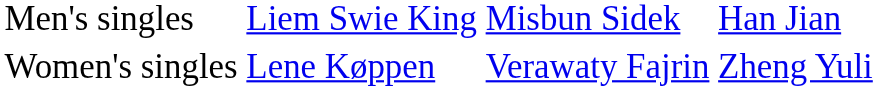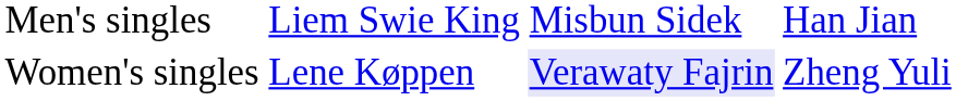 <table>
 <tr>
 <td>Men's singles</td>
 <td> <a href='#'>Liem Swie King</a></td>
 <td> <a href='#'>Misbun Sidek</a></td>
 <td> <a href='#'>Han Jian</a></td>
 </tr>
 <tr>
 <td>Women's singles</td>
 <td> <a href='#'>Lene Køppen</a></td>
-<td> <a href='#'>Verawaty Fajrin</a></td>
+<td style="background: lavender;"> <a href='#'>Verawaty Fajrin</a></td>
 <td> <a href='#'>Zheng Yuli</a></td>
 </tr>
 </table>
